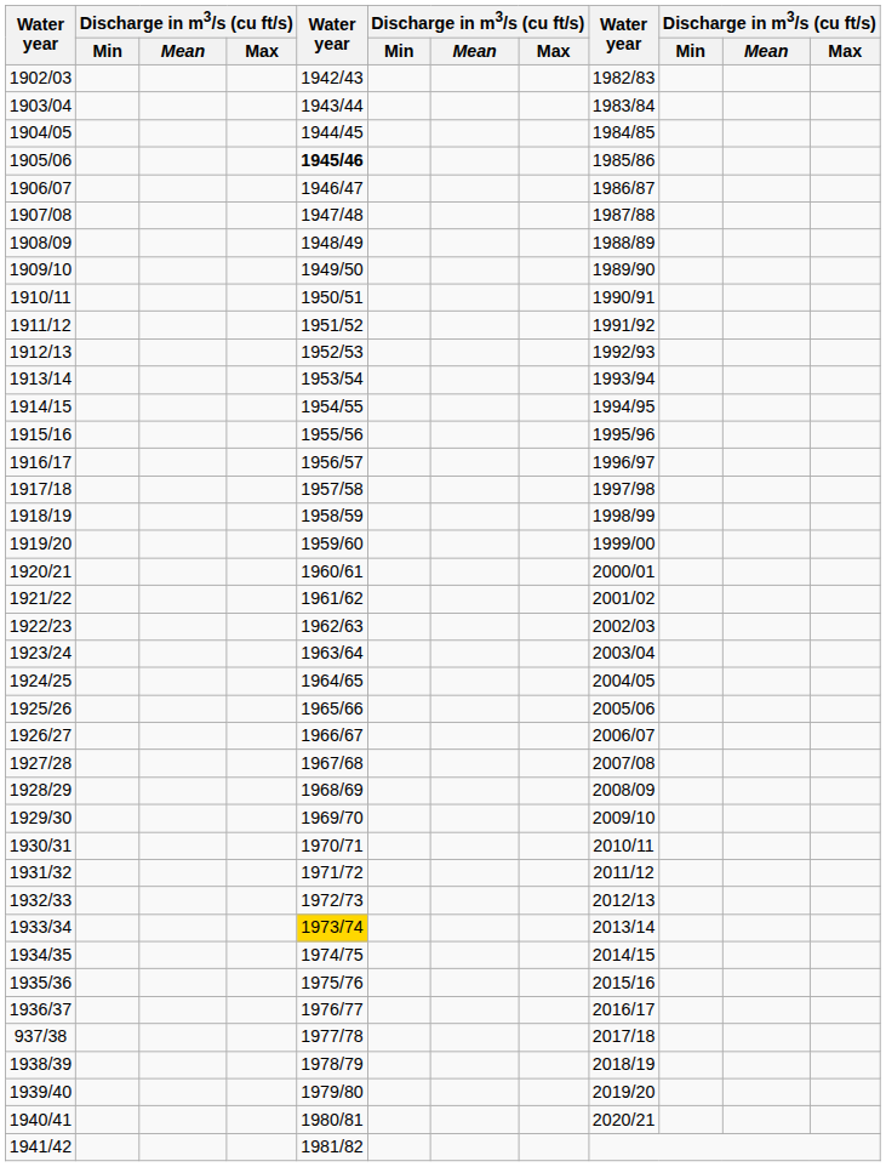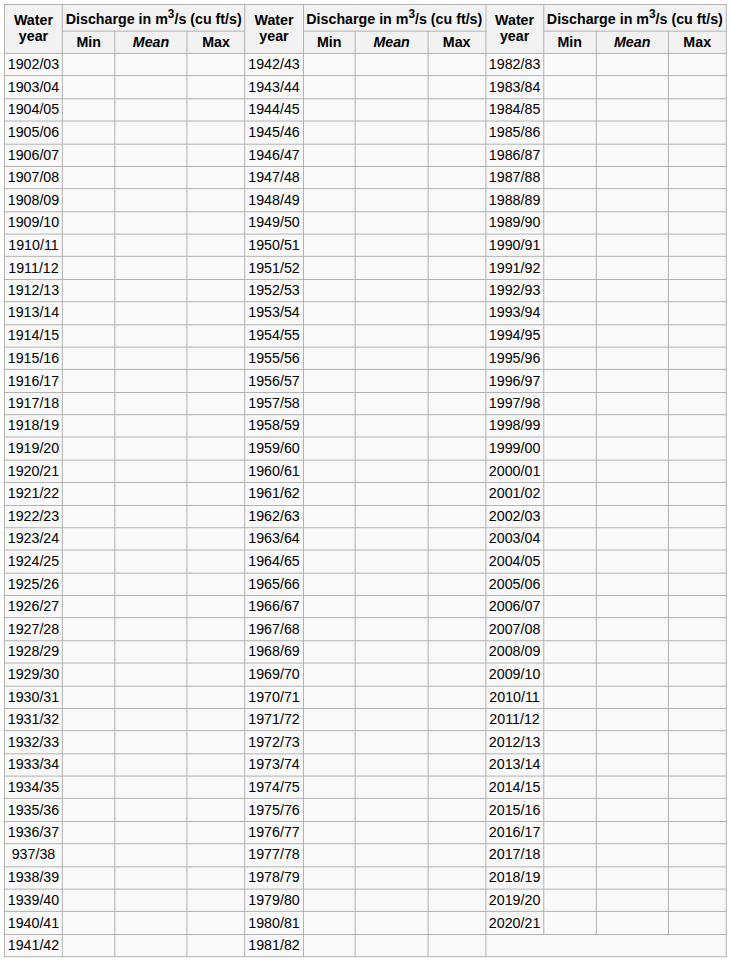 <table class="wikitable" style="text-align:center;">
 <tr>
 <th rowspan="2">Water<br>year</th>
 <th colspan="3">Discharge in m<sup>3</sup>/s (cu ft/s)</th>
 <th rowspan="2">Water<br>year</th>
 <th colspan="3">Discharge in m<sup>3</sup>/s (cu ft/s)</th>
 <th rowspan="2">Water<br>year</th>
 <th colspan="3">Discharge in m<sup>3</sup>/s (cu ft/s)</th>
 </tr>
 <tr>
 <th>Min</th>
 <th><em>Mean</em></th>
 <th>Max</th>
 <th>Min</th>
 <th><em>Mean</em></th>
 <th>Max</th>
 <th>Min</th>
 <th><em>Mean</em></th>
 <th>Max</th>
 </tr>
 <tr>
 <td>1902/03</td>
 <td></td>
 <td><em></em></td>
 <td></td>
 <td>1942/43</td>
 <td></td>
 <td><em></em></td>
 <td></td>
 <td>1982/83</td>
 <td></td>
 <td><em></em></td>
 <td></td>
 </tr>
 <tr>
 <td>1903/04</td>
 <td></td>
 <td><em></em></td>
 <td></td>
 <td>1943/44</td>
 <td></td>
 <td><em></em></td>
 <td></td>
 <td>1983/84</td>
 <td></td>
 <td><em></em></td>
 <td></td>
 </tr>
 <tr>
 <td>1904/05</td>
 <td></td>
 <td><em></em></td>
 <td></td>
 <td>1944/45</td>
 <td></td>
 <td><em></em></td>
 <td></td>
 <td>1984/85</td>
 <td></td>
 <td><em></em></td>
 <td></td>
 </tr>
 <tr>
 <td>1905/06</td>
 <td></td>
 <td><em></em></td>
 <td></td>
-<td><strong>1945/46</strong></td>
+<td>1945/46</td>
 <td></td>
 <td><em></em></td>
 <td></td>
 <td>1985/86</td>
 <td></td>
 <td><em></em></td>
 <td></td>
 </tr>
 <tr>
 <td>1906/07</td>
 <td></td>
 <td><em></em></td>
 <td></td>
 <td>1946/47</td>
 <td></td>
 <td><em></em></td>
 <td></td>
 <td>1986/87</td>
 <td></td>
 <td><em></em></td>
 <td></td>
 </tr>
 <tr>
 <td>1907/08</td>
 <td></td>
 <td><em></em></td>
 <td></td>
 <td>1947/48</td>
 <td></td>
 <td><em></em></td>
 <td></td>
 <td>1987/88</td>
 <td></td>
 <td><em></em></td>
 <td></td>
 </tr>
 <tr>
 <td>1908/09</td>
 <td></td>
 <td><em></em></td>
 <td></td>
 <td>1948/49</td>
 <td></td>
 <td><em></em></td>
 <td></td>
 <td>1988/89</td>
 <td></td>
 <td><em></em></td>
 <td></td>
 </tr>
 <tr>
 <td>1909/10</td>
 <td></td>
 <td><em></em></td>
 <td></td>
 <td>1949/50</td>
 <td></td>
 <td><em></em></td>
 <td></td>
 <td>1989/90</td>
 <td></td>
 <td><em></em></td>
 <td></td>
 </tr>
 <tr>
 <td>1910/11</td>
 <td></td>
 <td><em></em></td>
 <td></td>
 <td>1950/51</td>
 <td></td>
 <td><em></em></td>
 <td></td>
 <td>1990/91</td>
 <td></td>
 <td><em></em></td>
 <td></td>
 </tr>
 <tr>
 <td>1911/12</td>
 <td></td>
 <td><em></em></td>
 <td></td>
 <td>1951/52</td>
 <td></td>
 <td><em></em></td>
 <td></td>
 <td>1991/92</td>
 <td></td>
 <td><em></em></td>
 <td></td>
 </tr>
 <tr>
 <td>1912/13</td>
 <td></td>
 <td><em></em></td>
 <td></td>
 <td>1952/53</td>
 <td></td>
 <td><em></em></td>
 <td></td>
 <td>1992/93</td>
 <td></td>
 <td><em></em></td>
 <td></td>
 </tr>
 <tr>
 <td>1913/14</td>
 <td></td>
 <td><em></em></td>
 <td></td>
 <td>1953/54</td>
 <td></td>
 <td><em></em></td>
 <td></td>
 <td>1993/94</td>
 <td></td>
 <td><em></em></td>
 <td></td>
 </tr>
 <tr>
 <td>1914/15</td>
 <td></td>
 <td><em></em></td>
 <td></td>
 <td>1954/55</td>
 <td></td>
 <td><em></em></td>
 <td></td>
 <td>1994/95</td>
 <td></td>
 <td><em></em></td>
 <td></td>
 </tr>
 <tr>
 <td>1915/16</td>
 <td></td>
 <td><em></em></td>
 <td></td>
 <td>1955/56</td>
 <td></td>
 <td><em></em></td>
 <td></td>
 <td>1995/96</td>
 <td></td>
 <td><em></em></td>
 <td></td>
 </tr>
 <tr>
 <td>1916/17</td>
 <td></td>
 <td><em></em></td>
 <td></td>
 <td>1956/57</td>
 <td></td>
 <td><em></em></td>
 <td></td>
 <td>1996/97</td>
 <td></td>
 <td><em></em></td>
 <td></td>
 </tr>
 <tr>
 <td>1917/18</td>
 <td></td>
 <td><em></em></td>
 <td></td>
 <td>1957/58</td>
 <td></td>
 <td><em></em></td>
 <td></td>
 <td>1997/98</td>
 <td></td>
 <td><em></em></td>
 <td></td>
 </tr>
 <tr>
 <td>1918/19</td>
 <td></td>
 <td><em></em></td>
 <td></td>
 <td>1958/59</td>
 <td></td>
 <td><em></em></td>
 <td></td>
 <td>1998/99</td>
 <td></td>
 <td><em></em></td>
 <td></td>
 </tr>
 <tr>
 <td>1919/20</td>
 <td></td>
 <td><em></em></td>
 <td></td>
 <td>1959/60</td>
 <td></td>
 <td><em></em></td>
 <td></td>
 <td>1999/00</td>
 <td></td>
 <td><em></em></td>
 <td></td>
 </tr>
 <tr>
 <td>1920/21</td>
 <td></td>
 <td><em></em></td>
 <td></td>
 <td>1960/61</td>
 <td></td>
 <td><em></em></td>
 <td></td>
 <td>2000/01</td>
 <td></td>
 <td><em></em></td>
 <td></td>
 </tr>
 <tr>
 <td>1921/22</td>
 <td></td>
 <td><em></em></td>
 <td></td>
 <td>1961/62</td>
 <td></td>
 <td><em></em></td>
 <td></td>
 <td>2001/02</td>
 <td></td>
 <td><em></em></td>
 <td></td>
 </tr>
 <tr>
 <td>1922/23</td>
 <td></td>
 <td><em></em></td>
 <td></td>
 <td>1962/63</td>
 <td></td>
 <td><em></em></td>
 <td></td>
 <td>2002/03</td>
 <td></td>
 <td><em></em></td>
 <td></td>
 </tr>
 <tr>
 <td>1923/24</td>
 <td></td>
 <td><em></em></td>
 <td></td>
 <td>1963/64</td>
 <td></td>
 <td><em></em></td>
 <td></td>
 <td>2003/04</td>
 <td></td>
 <td><em></em></td>
 <td></td>
 </tr>
 <tr>
 <td>1924/25</td>
 <td></td>
 <td><em></em></td>
 <td></td>
 <td>1964/65</td>
 <td></td>
 <td><em></em></td>
 <td></td>
 <td>2004/05</td>
 <td></td>
 <td><em></em></td>
 <td></td>
 </tr>
 <tr>
 <td>1925/26</td>
 <td></td>
 <td><em></em></td>
 <td></td>
 <td>1965/66</td>
 <td></td>
 <td><em></em></td>
 <td></td>
 <td>2005/06</td>
 <td></td>
 <td><em></em></td>
 <td></td>
 </tr>
 <tr>
 <td>1926/27</td>
 <td></td>
 <td><em></em></td>
 <td></td>
 <td>1966/67</td>
 <td></td>
 <td><em></em></td>
 <td></td>
 <td>2006/07</td>
 <td></td>
 <td><em></em></td>
 <td></td>
 </tr>
 <tr>
 <td>1927/28</td>
 <td></td>
 <td><em></em></td>
 <td></td>
 <td>1967/68</td>
 <td></td>
 <td><em></em></td>
 <td></td>
 <td>2007/08</td>
 <td></td>
 <td><em></em></td>
 <td></td>
 </tr>
 <tr>
 <td>1928/29</td>
 <td></td>
 <td><em></em></td>
 <td></td>
 <td>1968/69</td>
 <td></td>
 <td><em></em></td>
 <td></td>
 <td>2008/09</td>
 <td></td>
 <td><em></em></td>
 <td></td>
 </tr>
 <tr>
 <td>1929/30</td>
 <td></td>
 <td><em></em></td>
 <td></td>
 <td>1969/70</td>
 <td></td>
 <td><em></em></td>
 <td></td>
 <td>2009/10</td>
 <td></td>
 <td><em></em></td>
 <td></td>
 </tr>
 <tr>
 <td>1930/31</td>
 <td></td>
 <td><em></em></td>
 <td></td>
 <td>1970/71</td>
 <td></td>
 <td><em></em></td>
 <td></td>
 <td>2010/11</td>
 <td></td>
 <td><em></em></td>
 <td></td>
 </tr>
 <tr>
 <td>1931/32</td>
 <td></td>
 <td><em></em></td>
 <td></td>
 <td>1971/72</td>
 <td></td>
 <td><em></em></td>
 <td></td>
 <td>2011/12</td>
 <td></td>
 <td><em></em></td>
 <td></td>
 </tr>
 <tr>
 <td>1932/33</td>
 <td></td>
 <td><em></em></td>
 <td></td>
 <td>1972/73</td>
 <td></td>
 <td><em></em></td>
 <td></td>
 <td>2012/13</td>
 <td></td>
 <td><em></em></td>
 <td></td>
 </tr>
 <tr>
 <td>1933/34</td>
 <td></td>
 <td><em></em></td>
 <td></td>
-<td style="background: gold;">1973/74</td>
+<td>1973/74</td>
 <td></td>
 <td><em></em></td>
 <td></td>
 <td>2013/14</td>
 <td></td>
 <td><em></em></td>
 <td></td>
 </tr>
 <tr>
 <td>1934/35</td>
 <td></td>
 <td><em></em></td>
 <td></td>
 <td>1974/75</td>
 <td></td>
 <td><em></em></td>
 <td></td>
 <td>2014/15</td>
 <td></td>
 <td><em></em></td>
 <td></td>
 </tr>
 <tr>
 <td>1935/36</td>
 <td></td>
 <td><em></em></td>
 <td></td>
 <td>1975/76</td>
 <td></td>
 <td><em></em></td>
 <td></td>
 <td>2015/16</td>
 <td></td>
 <td><em></em></td>
 <td></td>
 </tr>
 <tr>
 <td>1936/37</td>
 <td></td>
 <td><em></em></td>
 <td></td>
 <td>1976/77</td>
 <td></td>
 <td><em></em></td>
 <td></td>
 <td>2016/17</td>
 <td></td>
 <td><em></em></td>
 <td></td>
 </tr>
 <tr>
 <td>937/38</td>
 <td></td>
 <td><em></em></td>
 <td></td>
 <td>1977/78</td>
 <td></td>
 <td><em></em></td>
 <td></td>
 <td>2017/18</td>
 <td></td>
 <td><em></em></td>
 <td></td>
 </tr>
 <tr>
 <td>1938/39</td>
 <td></td>
 <td><em></em></td>
 <td></td>
 <td>1978/79</td>
 <td></td>
 <td><em></em></td>
 <td></td>
 <td>2018/19</td>
 <td></td>
 <td><em></em></td>
 <td></td>
 </tr>
 <tr>
 <td>1939/40</td>
 <td></td>
 <td><em></em></td>
 <td></td>
 <td>1979/80</td>
 <td></td>
 <td><em></em></td>
 <td></td>
 <td>2019/20</td>
 <td></td>
 <td><em></em></td>
 <td></td>
 </tr>
 <tr>
 <td>1940/41</td>
 <td></td>
 <td><em></em></td>
 <td></td>
 <td>1980/81</td>
 <td></td>
 <td><em></em></td>
 <td></td>
 <td>2020/21</td>
 <td></td>
 <td><em></em></td>
 <td></td>
 </tr>
 <tr>
 <td>1941/42</td>
 <td></td>
 <td><em></em></td>
 <td></td>
 <td>1981/82</td>
 <td></td>
 <td><em></em></td>
 <td></td>
 <td colspan="7"></td>
 </tr>
 </table>
